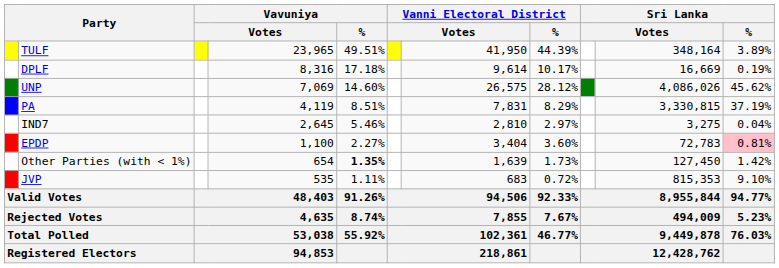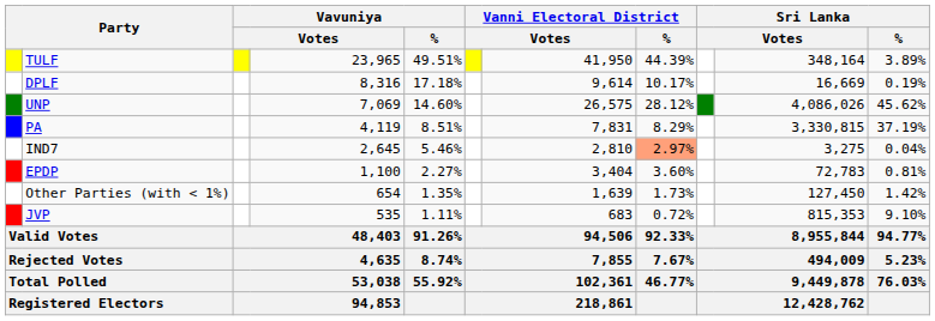 <table class="wikitable">
 <tr>
 <th colspan="2" width="144px"rowspan="2">Party</th>
 <th colspan="3" width="216px">Vavuniya</th>
 <th colspan="3" width="216px"><a href='#'>Vanni Electoral District</a></th>
 <th colspan="3" width="216px">Sri Lanka</th>
 </tr>
 <tr>
 <th colspan="2" width="144px">Votes</th>
 <th>%</th>
 <th colspan="2" width="144px">Votes</th>
 <th>%</th>
 <th colspan="2" width="144px">Votes</th>
 <th>%</th>
 </tr>
 <tr>
 <td style="background-color:yellow;" width="10px"></td>
 <td style="text-align:left;"><a href='#'>TULF</a></td>
 <td style="background-color:yellow;" width="10px"></td>
 <td style="text-align:right;">23,965</td>
 <td style="text-align:right;">49.51%</td>
 <td style="background-color:yellow;" width="10px"></td>
 <td style="text-align:right;">41,950</td>
 <td style="text-align:right;">44.39%</td>
 <td style="background-color:white;" width="10px"></td>
 <td style="text-align:right;">348,164</td>
 <td style="text-align:right;">3.89%</td>
 </tr>
 <tr>
 <td style="background-color:white;" width="10px"></td>
 <td style="text-align:left;"><a href='#'>DPLF</a></td>
 <td style="background-color:white;" width="10px"></td>
 <td style="text-align:right;">8,316</td>
 <td style="text-align:right;">17.18%</td>
 <td style="background-color:white;" width="10px"></td>
 <td style="text-align:right;">9,614</td>
 <td style="text-align:right;">10.17%</td>
 <td style="background-color:white;" width="10px"></td>
 <td style="text-align:right;">16,669</td>
 <td style="text-align:right;">0.19%</td>
 </tr>
 <tr>
 <td style="background-color:green;" width="10px"></td>
 <td style="text-align:left;"><a href='#'>UNP</a></td>
 <td style="background-color:white;" width="10px"></td>
 <td style="text-align:right;">7,069</td>
 <td style="text-align:right;">14.60%</td>
 <td style="background-color:white;" width="10px"></td>
 <td style="text-align:right;">26,575</td>
 <td style="text-align:right;">28.12%</td>
 <td style="background-color:green;" width="10px"></td>
 <td style="text-align:right;">4,086,026</td>
 <td style="text-align:right;">45.62%</td>
 </tr>
 <tr>
 <td style="background-color:blue;" width="10px"></td>
 <td style="text-align:left;"><a href='#'>PA</a></td>
 <td style="background-color:white;" width="10px"></td>
 <td style="text-align:right;">4,119</td>
 <td style="text-align:right;">8.51%</td>
 <td style="background-color:white;" width="10px"></td>
 <td style="text-align:right;">7,831</td>
 <td style="text-align:right;">8.29%</td>
 <td style="background-color:white;" width="10px"></td>
 <td style="text-align:right;">3,330,815</td>
 <td style="text-align:right;">37.19%</td>
 </tr>
 <tr>
 <td style="background-color:white;" width="10px"></td>
 <td style="text-align:left;">IND7</td>
 <td style="background-color:white;" width="10px"></td>
 <td style="text-align:right;">2,645</td>
 <td style="text-align:right;">5.46%</td>
 <td style="background-color:white;" width="10px"></td>
 <td style="text-align:right;">2,810</td>
-<td style="text-align:right;">2.97%</td>
+<td style="background: lightsalmon; text-align:right;">2.97%</td>
 <td style="background-color:white;" width="10px"></td>
 <td style="text-align:right;">3,275</td>
 <td style="text-align:right;">0.04%</td>
 </tr>
 <tr>
 <td style="background-color:red;" width="10px"></td>
 <td style="text-align:left;"><a href='#'>EPDP</a></td>
 <td style="background-color:white;" width="10px"></td>
 <td style="text-align:right;">1,100</td>
 <td style="text-align:right;">2.27%</td>
 <td style="background-color:white;" width="10px"></td>
 <td style="text-align:right;">3,404</td>
 <td style="text-align:right;">3.60%</td>
 <td style="background-color:white;" width="10px"></td>
 <td style="text-align:right;">72,783</td>
-<td style="background: pink; text-align:right;">0.81%</td>
+<td style="text-align:right;">0.81%</td>
 </tr>
 <tr>
 <td style="background-color:white;" width="10px"></td>
 <td style="text-align:left;">Other Parties (with < 1%)</td>
 <td style="background-color:white;" width="10px"></td>
 <td style="text-align:right;">654</td>
-<td style="text-align:right;"><strong>1.35%</strong></td>
+<td style="text-align:right;">1.35%</td>
 <td style="background-color:white;" width="10px"></td>
 <td style="text-align:right;">1,639</td>
 <td style="text-align:right;">1.73%</td>
 <td style="background-color:white;" width="10px"></td>
 <td style="text-align:right;">127,450</td>
 <td style="text-align:right;">1.42%</td>
 </tr>
 <tr>
 <td style="background-color:red;" width="10px"></td>
 <td style="text-align:left;"><a href='#'>JVP</a></td>
 <td style="background-color:white;" width="10px"></td>
 <td style="text-align:right;">535</td>
 <td style="text-align:right;">1.11%</td>
 <td style="background-color:white;" width="10px"></td>
 <td style="text-align:right;">683</td>
 <td style="text-align:right;">0.72%</td>
 <td style="background-color:white;" width="10px"></td>
 <td style="text-align:right;">815,353</td>
 <td style="text-align:right;">9.10%</td>
 </tr>
 <tr>
 <th colspan="2" width="144px"style="text-align:left;">Valid Votes</th>
 <th style="text-align:right;"colspan="2" width="144px">48,403</th>
 <th style="text-align:right;">91.26%</th>
 <th style="text-align:right;"colspan="2" width="144px">94,506</th>
 <th style="text-align:right;">92.33%</th>
 <th style="text-align:right;"colspan="2" width="144px">8,955,844</th>
 <th style="text-align:right;">94.77%</th>
 </tr>
 <tr>
 <th colspan="2" width="144px"style="text-align:left;">Rejected Votes</th>
 <th style="text-align:right;"colspan="2" width="144px">4,635</th>
 <th style="text-align:right;">8.74%</th>
 <th style="text-align:right;"colspan="2" width="144px">7,855</th>
 <th style="text-align:right;">7.67%</th>
 <th style="text-align:right;"colspan="2" width="144px">494,009</th>
 <th style="text-align:right;">5.23%</th>
 </tr>
 <tr>
 <th colspan="2" width="144px"style="text-align:left;">Total Polled</th>
 <th style="text-align:right;"colspan="2" width="144px">53,038</th>
 <th style="text-align:right;">55.92%</th>
 <th style="text-align:right;"colspan="2" width="144px">102,361</th>
 <th style="text-align:right;">46.77%</th>
 <th style="text-align:right;"colspan="2" width="144px">9,449,878</th>
 <th style="text-align:right;">76.03%</th>
 </tr>
 <tr>
 <th colspan="2" width="144px"style="text-align:left;">Registered Electors</th>
 <th style="text-align:right;"colspan="2" width="144px">94,853</th>
 <th></th>
 <th style="text-align:right;"colspan="2" width="144px">218,861</th>
 <th></th>
 <th style="text-align:right;"colspan="2" width="144px">12,428,762</th>
 <th></th>
 </tr>
 </table>
